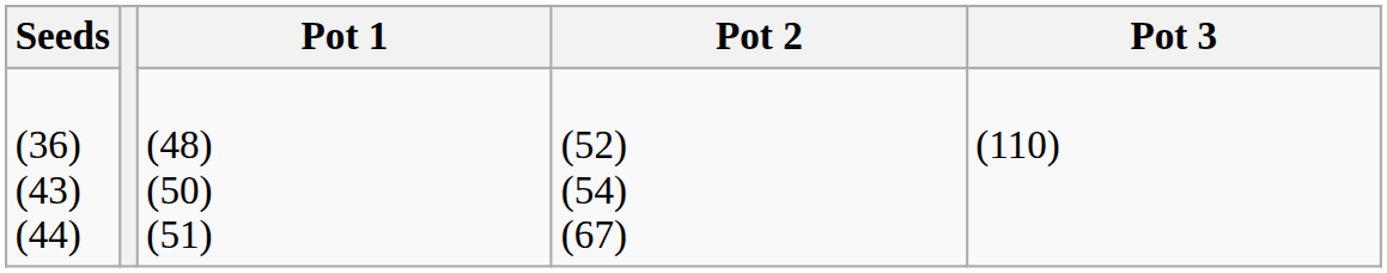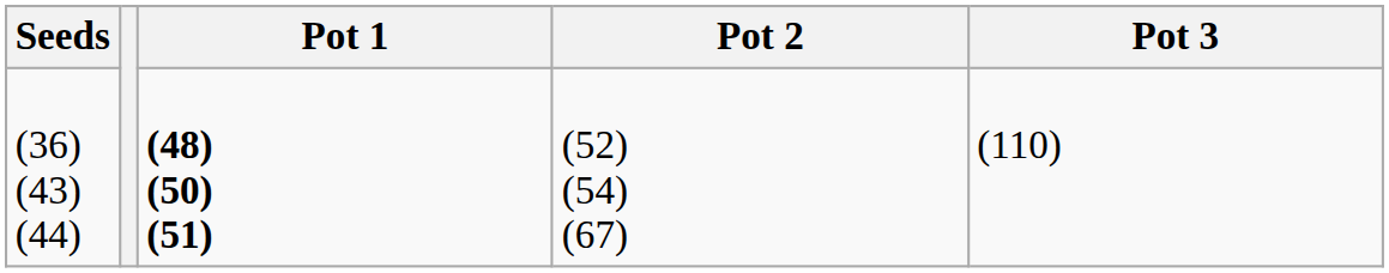 <table class="wikitable">
 <tr>
 <th>Seeds</th>
 <th rowspan=2></th>
 <th width=160>Pot 1</th>
 <th width=160>Pot 2</th>
 <th width=160>Pot 3</th>
 </tr>
 <tr>
 <td><br> (36) <br>  (43) <br>  (44) </td>
-<td><br> (48)<br>  (50)<br>  (51)</td>
+<td><strong><br> (48)<br>  (50)<br>  (51)</strong></td>
 <td><br> (52)<br>  (54)<br>  (67)</td>
 <td valign=top><br> (110)</td>
 </tr>
 </table>
